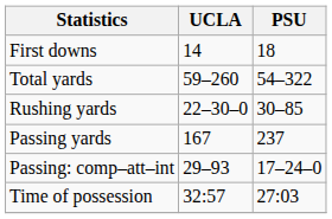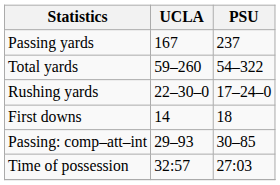 <table class="wikitable" style="float: left;">
 <tr>
 <th>Statistics</th>
 <th>UCLA</th>
 <th>PSU</th>
 </tr>
 <tr>
-<td>First downs</td>
-<td>14</td>
-<td>18</td>
+<td>Passing yards</td>
+<td>167</td>
+<td>237</td>
 </tr>
 <tr>
 <td>Total yards</td>
 <td>59–260</td>
 <td>54–322</td>
 </tr>
 <tr>
 <td>Rushing yards</td>
 <td>22–30–0</td>
-<td>30–85</td>
+<td>17–24–0</td>
 </tr>
 <tr>
-<td>Passing yards</td>
-<td>167</td>
-<td>237</td>
+<td>First downs</td>
+<td>14</td>
+<td>18</td>
 </tr>
 <tr>
 <td>Passing: comp–att–int</td>
 <td>29–93</td>
-<td>17–24–0</td>
+<td>30–85</td>
 </tr>
 <tr>
 <td>Time of possession</td>
 <td>32:57</td>
 <td>27:03</td>
 </tr>
 <tr>
 </tr>
 </table>
